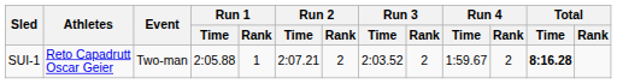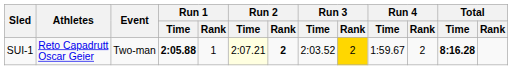 <table class="wikitable" border="1" style="font-size:90%">
 <tr>
 <th rowspan="2">Sled</th>
 <th rowspan="2">Athletes</th>
 <th rowspan="2">Event</th>
 <th colspan="2">Run 1</th>
 <th colspan="2">Run 2</th>
 <th colspan="2">Run 3</th>
 <th colspan="2">Run 4</th>
 <th colspan="2">Total</th>
 </tr>
 <tr>
 <th>Time</th>
 <th>Rank</th>
 <th>Time</th>
 <th>Rank</th>
 <th>Time</th>
 <th>Rank</th>
 <th>Time</th>
 <th>Rank</th>
 <th>Time</th>
 <th>Rank</th>
 </tr>
 <tr>
 <td align="center">SUI-1</td>
 <td><a href='#'>Reto Capadrutt</a><br><a href='#'>Oscar Geier</a></td>
 <td>Two-man</td>
-<td align="center">2:05.88</td>
+<td align="center"><strong>2:05.88</strong></td>
 <td align="center">1</td>
-<td align="center">2:07.21</td>
-<td align="center">2</td>
+<td align="center" style="background: lightyellow;">2:07.21</td>
+<td align="center"><strong>2</strong></td>
 <td align="center">2:03.52</td>
-<td align="center">2</td>
+<td align="center" style="background: gold;">2</td>
 <td align="center">1:59.67</td>
 <td align="center">2</td>
 <td align="center"><strong>8:16.28</strong></td>
 <td align="center"></td>
 </tr>
 </table>
